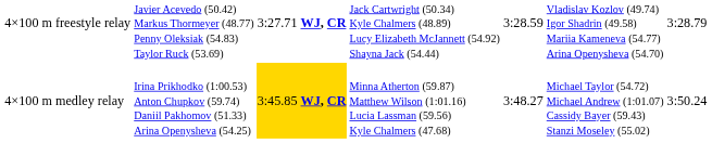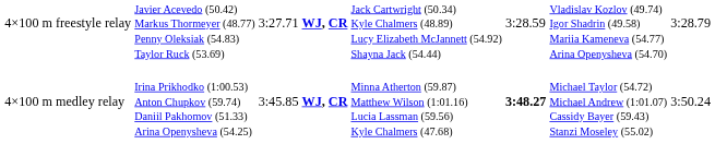 <table>
 <tr>
 <td>4×100 m freestyle relay</td>
 <td><br><small><a href='#'>Javier Acevedo</a> (50.42)<br><a href='#'>Markus Thormeyer</a> (48.77)<br><a href='#'>Penny Oleksiak</a> (54.83)<br><a href='#'>Taylor Ruck</a> (53.69)</small></td>
 <td>3:27.71 <strong><a href='#'>WJ</a>, <a href='#'>CR</a></strong></td>
 <td><br><small><a href='#'>Jack Cartwright</a> (50.34)<br><a href='#'>Kyle Chalmers</a> (48.89)<br><a href='#'>Lucy Elizabeth McJannett</a> (54.92)<br><a href='#'>Shayna Jack</a> (54.44)</small></td>
 <td>3:28.59</td>
 <td><br><small><a href='#'>Vladislav Kozlov</a> (49.74)<br><a href='#'>Igor Shadrin</a> (49.58)<br><a href='#'>Mariia Kameneva</a> (54.77)<br><a href='#'>Arina Openysheva</a> (54.70)</small></td>
 <td>3:28.79</td>
 </tr>
 <tr>
 <td>4×100 m medley relay</td>
 <td><br><small><a href='#'>Irina Prikhodko</a> (1:00.53)<br><a href='#'>Anton Chupkov</a> (59.74)<br><a href='#'>Daniil Pakhomov</a> (51.33)<br><a href='#'>Arina Openysheva</a> (54.25)</small></td>
-<td style="background: gold;">3:45.85 <strong><a href='#'>WJ</a>, <a href='#'>CR</a></strong></td>
+<td>3:45.85 <strong><a href='#'>WJ</a>, <a href='#'>CR</a></strong></td>
 <td><br><small><a href='#'>Minna Atherton</a> (59.87)<br><a href='#'>Matthew Wilson</a> (1:01.16)<br><a href='#'>Lucia Lassman</a> (59.56)<br><a href='#'>Kyle Chalmers</a> (47.68)</small></td>
-<td>3:48.27</td>
+<td><strong>3:48.27</strong></td>
 <td><br><small><a href='#'>Michael Taylor</a> (54.72)<br><a href='#'>Michael Andrew</a> (1:01.07)<br><a href='#'>Cassidy Bayer</a> (59.43)<br><a href='#'>Stanzi Moseley</a> (55.02)</small></td>
 <td>3:50.24</td>
 </tr>
 <tr>
 </tr>
 </table>
